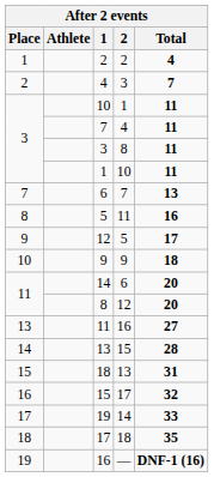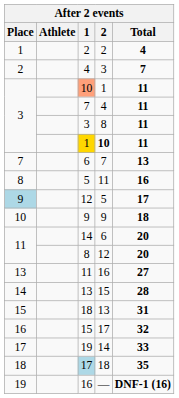 <table class=wikitable style="text-align:center">
 <tr>
 <th colspan=5><strong>After 2 events</strong></th>
 </tr>
 <tr>
 <th>Place</th>
 <th>Athlete</th>
 <th>1</th>
 <th>2</th>
 <th>Total</th>
 </tr>
 <tr>
 <td>1</td>
 <td align=left></td>
 <td>2</td>
 <td>2</td>
 <td><strong>4</strong></td>
 </tr>
 <tr>
 <td>2</td>
 <td align=left></td>
 <td>4</td>
 <td>3</td>
 <td><strong>7</strong></td>
 </tr>
 <tr>
 <td rowspan=4>3</td>
 <td align=left></td>
-<td>10</td>
+<td style="background: lightsalmon;">10</td>
 <td>1</td>
 <td><strong>11</strong></td>
 </tr>
 <tr>
 <td align=left></td>
 <td>7</td>
 <td>4</td>
 <td><strong>11</strong></td>
 </tr>
 <tr>
 <td align=left></td>
 <td>3</td>
 <td>8</td>
 <td><strong>11</strong></td>
 </tr>
 <tr>
 <td align=left></td>
-<td>1</td>
-<td>10</td>
+<td style="background: gold;">1</td>
+<td><strong>10</strong></td>
 <td><strong>11</strong></td>
 </tr>
 <tr>
 <td>7</td>
 <td align=left></td>
 <td>6</td>
 <td>7</td>
 <td><strong>13</strong></td>
 </tr>
 <tr>
 <td>8</td>
 <td align=left></td>
 <td>5</td>
 <td>11</td>
 <td><strong>16</strong></td>
 </tr>
 <tr>
-<td>9</td>
+<td style="background: lightblue;">9</td>
 <td align=left></td>
 <td>12</td>
 <td>5</td>
 <td><strong>17</strong></td>
 </tr>
 <tr>
 <td>10</td>
 <td align=left></td>
 <td>9</td>
 <td>9</td>
 <td><strong>18</strong></td>
 </tr>
 <tr>
 <td rowspan=2>11</td>
 <td align=left></td>
 <td>14</td>
 <td>6</td>
 <td><strong>20</strong></td>
 </tr>
 <tr>
 <td align=left></td>
 <td>8</td>
 <td>12</td>
 <td><strong>20</strong></td>
 </tr>
 <tr>
 <td>13</td>
 <td align=left></td>
 <td>11</td>
 <td>16</td>
 <td><strong>27</strong></td>
 </tr>
 <tr>
 <td>14</td>
 <td align=left></td>
 <td>13</td>
 <td>15</td>
 <td><strong>28</strong></td>
 </tr>
 <tr>
 <td>15</td>
 <td align=left></td>
 <td>18</td>
 <td>13</td>
 <td><strong>31</strong></td>
 </tr>
 <tr>
 <td>16</td>
 <td align=left></td>
 <td>15</td>
 <td>17</td>
 <td><strong>32</strong></td>
 </tr>
 <tr>
 <td>17</td>
 <td align=left></td>
 <td>19</td>
 <td>14</td>
 <td><strong>33</strong></td>
 </tr>
 <tr>
 <td>18</td>
 <td align=left></td>
-<td>17</td>
+<td style="background: lightblue;">17</td>
 <td>18</td>
 <td><strong>35</strong></td>
 </tr>
 <tr>
 <td>19</td>
 <td align=left></td>
 <td>16</td>
 <td>—</td>
 <td><strong>DNF-1 (16)</strong></td>
 </tr>
 </table>
